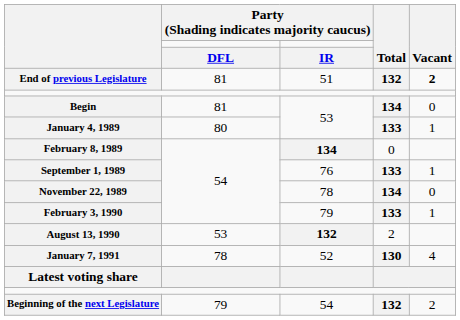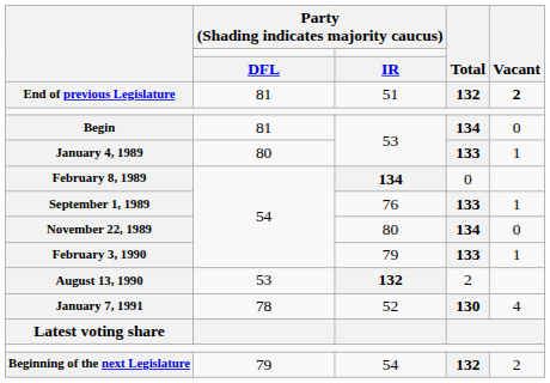 <table class=wikitable style="text-align:center">
 <tr style="vertical-align:bottom;">
 <th rowspan=3></th>
 <th colspan=2>Party <div>(Shading indicates majority caucus)</div></th>
 <th rowspan=3>Total</th>
 <th rowspan=3>Vacant</th>
 </tr>
 <tr style="height:5px">
 <td style="background-color:"></td>
 <td style="background-color:"></td>
 </tr>
 <tr>
 <th><a href='#'>DFL</a></th>
 <th><a href='#'>IR</a></th>
 </tr>
 <tr>
 <th style="white-space:nowrap; font-size:80%;">End of <a href='#'>previous Legislature</a></th>
 <td>81</td>
 <td>51</td>
 <th>132</th>
 <td><strong>2</strong></td>
 </tr>
 <tr>
 <td colspan=5></td>
 </tr>
 <tr>
 <th style="font-size:80%">Begin</th>
 <td>81</td>
 <td rowspan="2">53</td>
 <th>134</th>
 <td>0</td>
 </tr>
 <tr>
 <th style="font-size:80%">January 4, 1989 </th>
 <td>80</td>
 <th>133</th>
 <td>1</td>
 </tr>
 <tr>
 <th style="font-size:80%">February 8, 1989 </th>
 <td rowspan="4">54</td>
 <th>134</th>
 <td>0</td>
 </tr>
 <tr>
 <th style="font-size:80%">September 1, 1989 </th>
 <td>76</td>
 <th>133</th>
 <td>1</td>
 </tr>
 <tr>
 <th style="font-size:80%">November 22, 1989 </th>
-<td>78</td>
+<td>80</td>
 <th>134</th>
 <td>0</td>
 </tr>
 <tr>
 <th style="font-size:80%">February 3, 1990 </th>
 <td>79</td>
 <th>133</th>
 <td>1</td>
 </tr>
 <tr>
 <th style="font-size:80%">August 13, 1990 </th>
 <td>53</td>
 <th>132</th>
 <td>2</td>
 </tr>
 <tr>
 <th style="font-size:80%">January 7, 1991 </th>
 <td>78</td>
 <td>52</td>
 <th>130</th>
 <td>4</td>
 </tr>
 <tr>
 <th>Latest voting share</th>
 <th></th>
 <th></th>
 <th colspan=2></th>
 </tr>
 <tr>
 <td colspan=5></td>
 </tr>
 <tr>
 <th style="white-space:nowrap; font-size:80%;">Beginning of the <a href='#'>next Legislature</a></th>
 <td>79</td>
 <td>54</td>
 <th>132</th>
 <td>2</td>
 </tr>
 </table>
